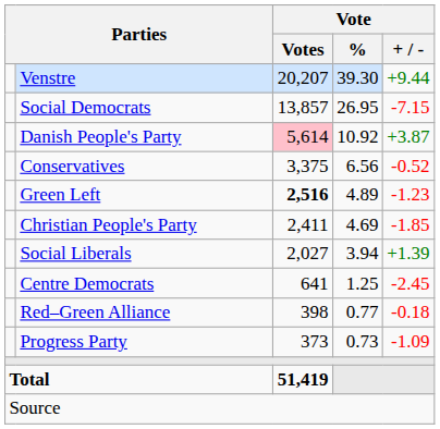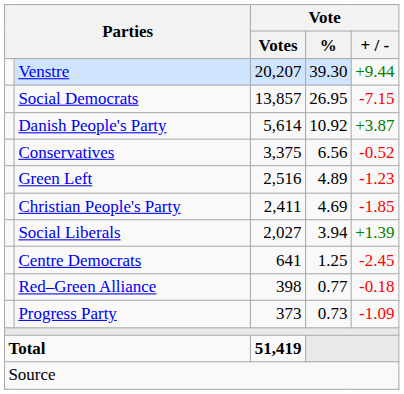 <table class="wikitable" style="text-align:right;">
 <tr>
 <th style="text-align:centre;" rowspan="2" colspan="2" width="225">Parties</th>
 <th colspan="3">Vote</th>
 </tr>
 <tr>
 <th width="15">Votes</th>
 <th width="15">%</th>
 <th width="15">+ / -</th>
 </tr>
 <tr>
 <td width="2" style="color:inherit;background:"></td>
 <td bgcolor=#cfe5fe  align="left"><a href='#'>Venstre</a></td>
 <td bgcolor=#cfe5fe>20,207</td>
 <td bgcolor=#cfe5fe>39.30</td>
 <td style=color:green;>+9.44</td>
 </tr>
 <tr>
 <td width="2" style="color:inherit;background:"></td>
 <td align="left"><a href='#'>Social Democrats</a></td>
 <td>13,857</td>
 <td>26.95</td>
 <td style=color:red;>-7.15</td>
 </tr>
 <tr>
 <td width="2" style="color:inherit;background:"></td>
 <td align="left"><a href='#'>Danish People's Party</a></td>
-<td style="background: pink;">5,614</td>
+<td>5,614</td>
 <td>10.92</td>
 <td style=color:green;>+3.87</td>
 </tr>
 <tr>
 <td width="2" style="color:inherit;background:"></td>
 <td align="left"><a href='#'>Conservatives</a></td>
 <td>3,375</td>
 <td>6.56</td>
 <td style=color:red;>-0.52</td>
 </tr>
 <tr>
 <td width="2" style="color:inherit;background:"></td>
 <td align="left"><a href='#'>Green Left</a></td>
-<td><strong>2,516</strong></td>
+<td>2,516</td>
 <td>4.89</td>
 <td style=color:red;>-1.23</td>
 </tr>
 <tr>
 <td width="2" style="color:inherit;background:"></td>
 <td align="left"><a href='#'>Christian People's Party</a></td>
 <td>2,411</td>
 <td>4.69</td>
 <td style=color:red;>-1.85</td>
 </tr>
 <tr>
 <td width="2" style="color:inherit;background:"></td>
 <td align="left"><a href='#'>Social Liberals</a></td>
 <td>2,027</td>
 <td>3.94</td>
 <td style=color:green;>+1.39</td>
 </tr>
 <tr>
 <td width="2" style="color:inherit;background:"></td>
 <td align="left"><a href='#'>Centre Democrats</a></td>
 <td>641</td>
 <td>1.25</td>
 <td style=color:red;>-2.45</td>
 </tr>
 <tr>
 <td width="2" style="color:inherit;background:"></td>
 <td align="left"><a href='#'>Red–Green Alliance</a></td>
 <td>398</td>
 <td>0.77</td>
 <td style=color:red;>-0.18</td>
 </tr>
 <tr>
 <td width="2" style="color:inherit;background:"></td>
 <td align="left"><a href='#'>Progress Party</a></td>
 <td>373</td>
 <td>0.73</td>
 <td style=color:red;>-1.09</td>
 </tr>
 <tr>
 <td colspan="7" bgcolor="#E9E9E9"></td>
 </tr>
 <tr>
 <td align="left" colspan="2"><strong>Total</strong></td>
 <td><strong>51,419</strong></td>
 <td bgcolor="#E9E9E9" colspan="2"></td>
 </tr>
 <tr>
 <td align="left" colspan="6">Source</td>
 </tr>
 </table>
